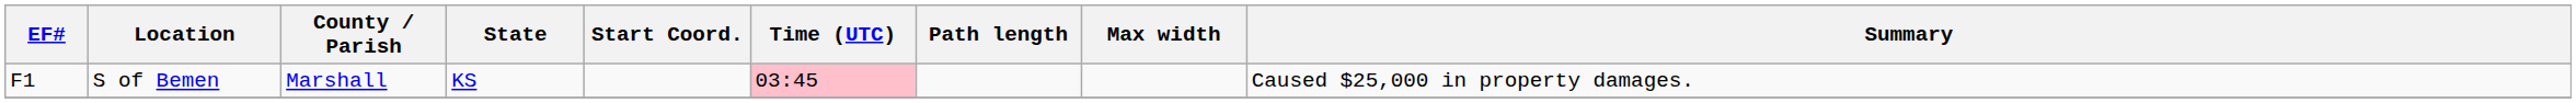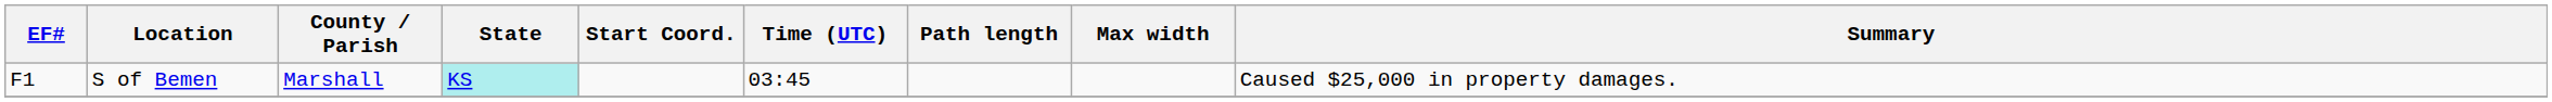 <table class="wikitable sortable" style="width:100%;">
 <tr>
 <th scope="col"  style="width:3%; text-align:center;"><a href='#'>EF#</a></th>
 <th scope="col"  style="width:7%; text-align:center;" class="unsortable">Location</th>
 <th scope="col"  style="width:6%; text-align:center;" class="unsortable">County / Parish</th>
 <th scope="col"  style="width:5%; text-align:center;">State</th>
 <th scope="col"  style="width:6%; text-align:center;">Start Coord.</th>
 <th scope="col"  style="width:6%; text-align:center;">Time (<a href='#'>UTC</a>)</th>
 <th scope="col"  style="width:6%; text-align:center;">Path length</th>
 <th scope="col"  style="width:6%; text-align:center;">Max width</th>
 <th scope="col" class="unsortable" style="width:48%; text-align:center;">Summary</th>
 </tr>
 <tr>
 <td bgcolor=>F1</td>
 <td>S of <a href='#'>Bemen</a></td>
 <td><a href='#'>Marshall</a></td>
-<td><a href='#'>KS</a></td>
+<td style="background: paleturquoise;"><a href='#'>KS</a></td>
 <td></td>
-<td style="background: pink;">03:45</td>
+<td>03:45</td>
 <td></td>
 <td></td>
 <td>Caused $25,000 in property damages.</td>
 </tr>
 <tr>
 </tr>
 </table>
